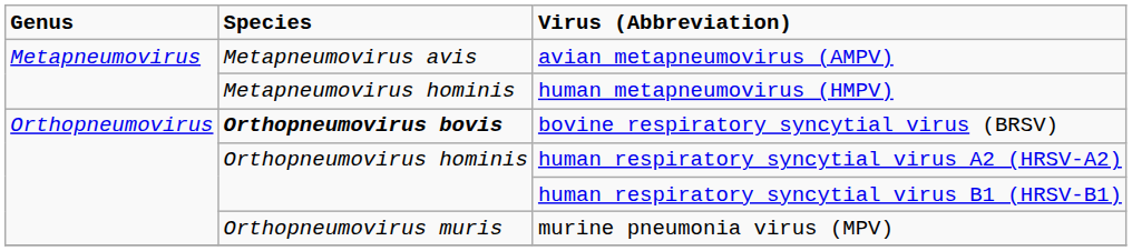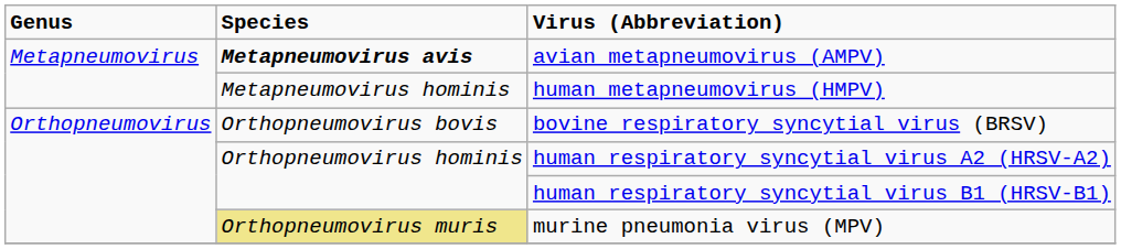 <table class="sortable wikitable">
 <tr>
 <td><strong>Genus</strong></td>
 <td><strong>Species</strong></td>
 <td><strong>Virus (Abbreviation)</strong></td>
 </tr>
 <tr valign="TOP">
 <td rowspan="2"><em><a href='#'>Metapneumovirus</a></em></td>
-<td rowspan="1"><em>Metapneumovirus avis</em></td>
+<td rowspan="1"><strong><em>Metapneumovirus avis</em></strong></td>
 <td rowspan="1"><a href='#'>avian metapneumovirus (AMPV)</a></td>
 </tr>
 <tr valign="TOP">
 <td rowspan="1"><em>Metapneumovirus hominis</em></td>
 <td rowspan="1"><a href='#'>human metapneumovirus (HMPV)</a></td>
 </tr>
 <tr valign="TOP">
 <td rowspan="4"><em><a href='#'>Orthopneumovirus</a></em></td>
-<td rowspan="1"><strong><em>Orthopneumovirus bovis</em></strong></td>
+<td rowspan="1"><em>Orthopneumovirus bovis</em></td>
 <td rowspan="1"><a href='#'>bovine respiratory syncytial virus</a> (BRSV)</td>
 </tr>
 <tr valign="TOP">
 <td rowspan="2"><em>Orthopneumovirus hominis</em></td>
 <td rowspan="1"><a href='#'>human respiratory syncytial virus A2 (HRSV-A2)</a></td>
 </tr>
 <tr valign="TOP">
 <td rowspan="1"><a href='#'>human respiratory syncytial virus B1 (HRSV-B1)</a></td>
 </tr>
 <tr valign="TOP">
-<td rowspan="1"><em>Orthopneumovirus muris</em></td>
+<td rowspan="1" style="background: khaki;"><em>Orthopneumovirus muris</em></td>
 <td rowspan="1">murine pneumonia virus (MPV)</td>
 </tr>
 <tr valign="TOP">
 </tr>
 </table>
